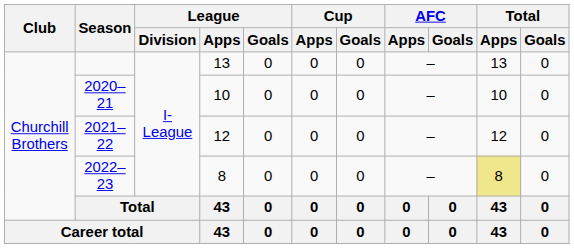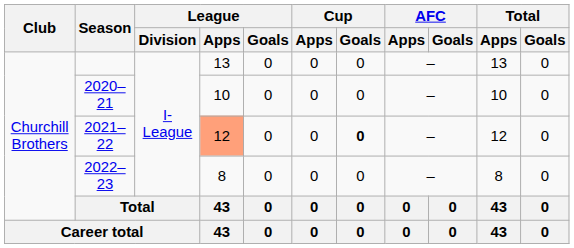 <table class="wikitable" style="text-align: center;">
 <tr>
 <th rowspan="2">Club</th>
 <th rowspan="2">Season</th>
 <th colspan="3">League</th>
 <th colspan="2">Cup</th>
 <th colspan="2"><a href='#'>AFC</a></th>
 <th colspan="2">Total</th>
 </tr>
 <tr>
 <th>Division</th>
 <th>Apps</th>
 <th>Goals</th>
 <th>Apps</th>
 <th>Goals</th>
 <th>Apps</th>
 <th>Goals</th>
 <th>Apps</th>
 <th>Goals</th>
 </tr>
 <tr>
 <td rowspan="5"><a href='#'>Churchill Brothers</a></td>
 <td></td>
 <td rowspan="4"><a href='#'>I-League</a></td>
 <td>13</td>
 <td>0</td>
 <td>0</td>
 <td>0</td>
 <td colspan="2">–</td>
 <td>13</td>
 <td>0</td>
 </tr>
 <tr>
 <td><a href='#'>2020–21</a></td>
 <td>10</td>
 <td>0</td>
 <td>0</td>
 <td>0</td>
 <td colspan="2">–</td>
 <td>10</td>
 <td>0</td>
 </tr>
 <tr>
 <td><a href='#'>2021–22</a></td>
-<td>12</td>
+<td style="background: lightsalmon;">12</td>
 <td>0</td>
 <td>0</td>
-<td>0</td>
+<td><strong>0</strong></td>
 <td colspan="2">–</td>
 <td>12</td>
 <td>0</td>
 </tr>
 <tr>
 <td><a href='#'>2022–23</a></td>
 <td>8</td>
 <td>0</td>
 <td>0</td>
 <td>0</td>
 <td colspan="2">–</td>
-<td style="background: khaki;">8</td>
+<td>8</td>
 <td>0</td>
 </tr>
 <tr>
 <th colspan="2">Total</th>
 <th>43</th>
 <th>0</th>
 <th>0</th>
 <th>0</th>
 <th>0</th>
 <th>0</th>
 <th>43</th>
 <th>0</th>
 </tr>
 <tr>
 <th colspan="3">Career total</th>
 <th>43</th>
 <th>0</th>
 <th>0</th>
 <th>0</th>
 <th>0</th>
 <th>0</th>
 <th>43</th>
 <th>0</th>
 </tr>
 </table>
